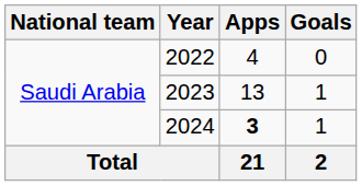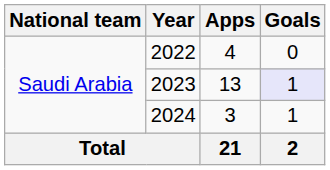 <table class="wikitable" style="text-align:center">
 <tr>
 <th>National team</th>
 <th>Year</th>
 <th>Apps</th>
 <th>Goals</th>
 </tr>
 <tr>
 <td rowspan="3"><a href='#'>Saudi Arabia</a></td>
 <td>2022</td>
 <td>4</td>
 <td>0</td>
 </tr>
 <tr>
 <td>2023</td>
 <td>13</td>
-<td>1</td>
+<td style="background: lavender;">1</td>
 </tr>
 <tr>
 <td>2024</td>
-<td><strong>3</strong></td>
+<td>3</td>
 <td>1</td>
 </tr>
 <tr>
 <th colspan="2">Total</th>
 <th>21</th>
 <th>2</th>
 </tr>
 </table>
